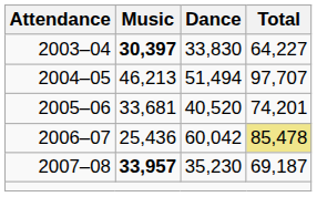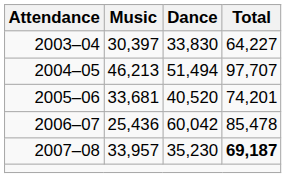 <table class="wikitable" style="text-align:right">
 <tr>
 <th>Attendance</th>
 <th>Music</th>
 <th>Dance</th>
 <th>Total</th>
 </tr>
 <tr>
 <td>2003–04</td>
-<td><strong>30,397</strong></td>
+<td>30,397</td>
 <td>33,830</td>
 <td>64,227</td>
 </tr>
 <tr>
 <td>2004–05</td>
 <td>46,213</td>
 <td>51,494</td>
 <td>97,707</td>
 </tr>
 <tr>
 <td>2005–06</td>
 <td>33,681</td>
 <td>40,520</td>
 <td>74,201</td>
 </tr>
 <tr>
 <td>2006–07</td>
 <td>25,436</td>
 <td>60,042</td>
-<td style="background: khaki;">85,478</td>
+<td>85,478</td>
 </tr>
 <tr>
 <td>2007–08</td>
-<td><strong>33,957</strong></td>
+<td>33,957</td>
 <td>35,230</td>
-<td>69,187</td>
+<td><strong>69,187</strong></td>
 </tr>
 <tr>
 <td colspan="4" style="text-align: center;"></td>
 </tr>
 </table>
